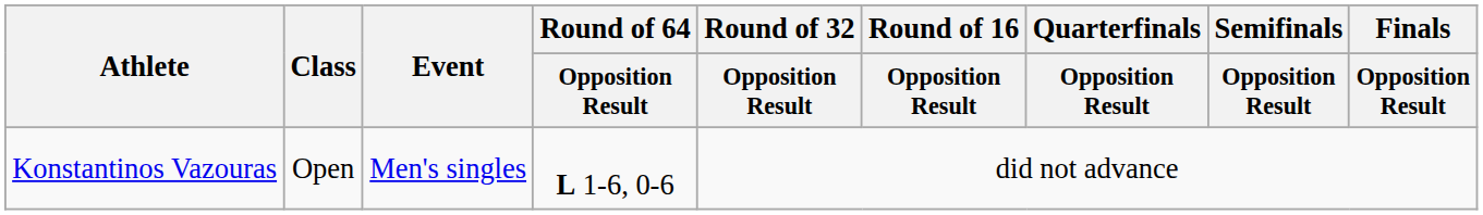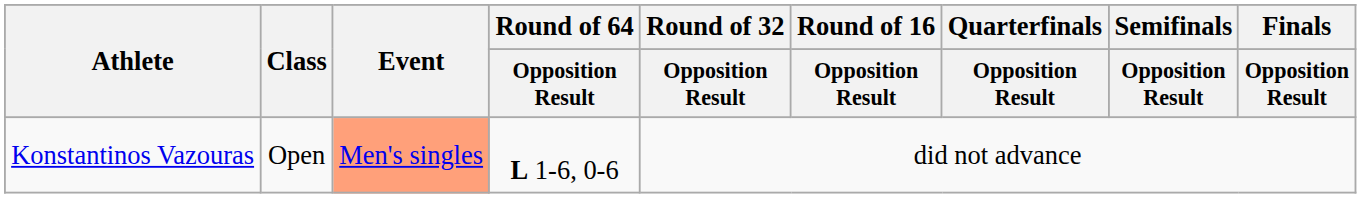 <table class=wikitable style="font-size:90%">
 <tr>
 <th rowspan="2">Athlete</th>
 <th rowspan="2">Class</th>
 <th rowspan="2">Event</th>
 <th>Round of 64</th>
 <th>Round of 32</th>
 <th>Round of 16</th>
 <th>Quarterfinals</th>
 <th>Semifinals</th>
 <th>Finals</th>
 </tr>
 <tr>
 <th style="line-height:1em"><small>Opposition<br>Result</small></th>
 <th style="line-height:1em"><small>Opposition<br>Result</small></th>
 <th style="line-height:1em"><small>Opposition<br>Result</small></th>
 <th style="line-height:1em"><small>Opposition<br>Result</small></th>
 <th style="line-height:1em"><small>Opposition<br>Result</small></th>
 <th style="line-height:1em"><small>Opposition<br>Result</small></th>
 </tr>
 <tr>
 <td><a href='#'>Konstantinos Vazouras</a></td>
 <td style="text-align:center;">Open</td>
-<td><a href='#'>Men's singles</a></td>
+<td style="background: lightsalmon;"><a href='#'>Men's singles</a></td>
 <td style="text-align:center;"><br><strong>L</strong> 1-6, 0-6</td>
 <td style="text-align:center;" colspan="5">did not advance</td>
 </tr>
 </table>
